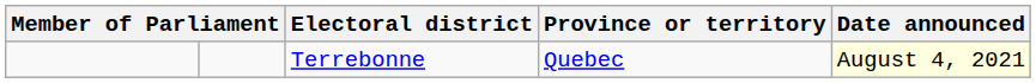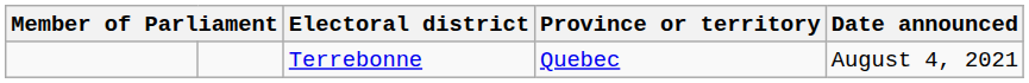 <table class="wikitable sortable">
 <tr>
 <th colspan="2">Member of Parliament</th>
 <th>Electoral district</th>
 <th>Province or territory</th>
 <th>Date announced</th>
 </tr>
 <tr>
 <td> </td>
 <td></td>
 <td><a href='#'>Terrebonne</a></td>
 <td><a href='#'>Quebec</a></td>
-<td style="background: lightyellow;">August 4, 2021</td>
+<td>August 4, 2021</td>
 </tr>
 </table>
